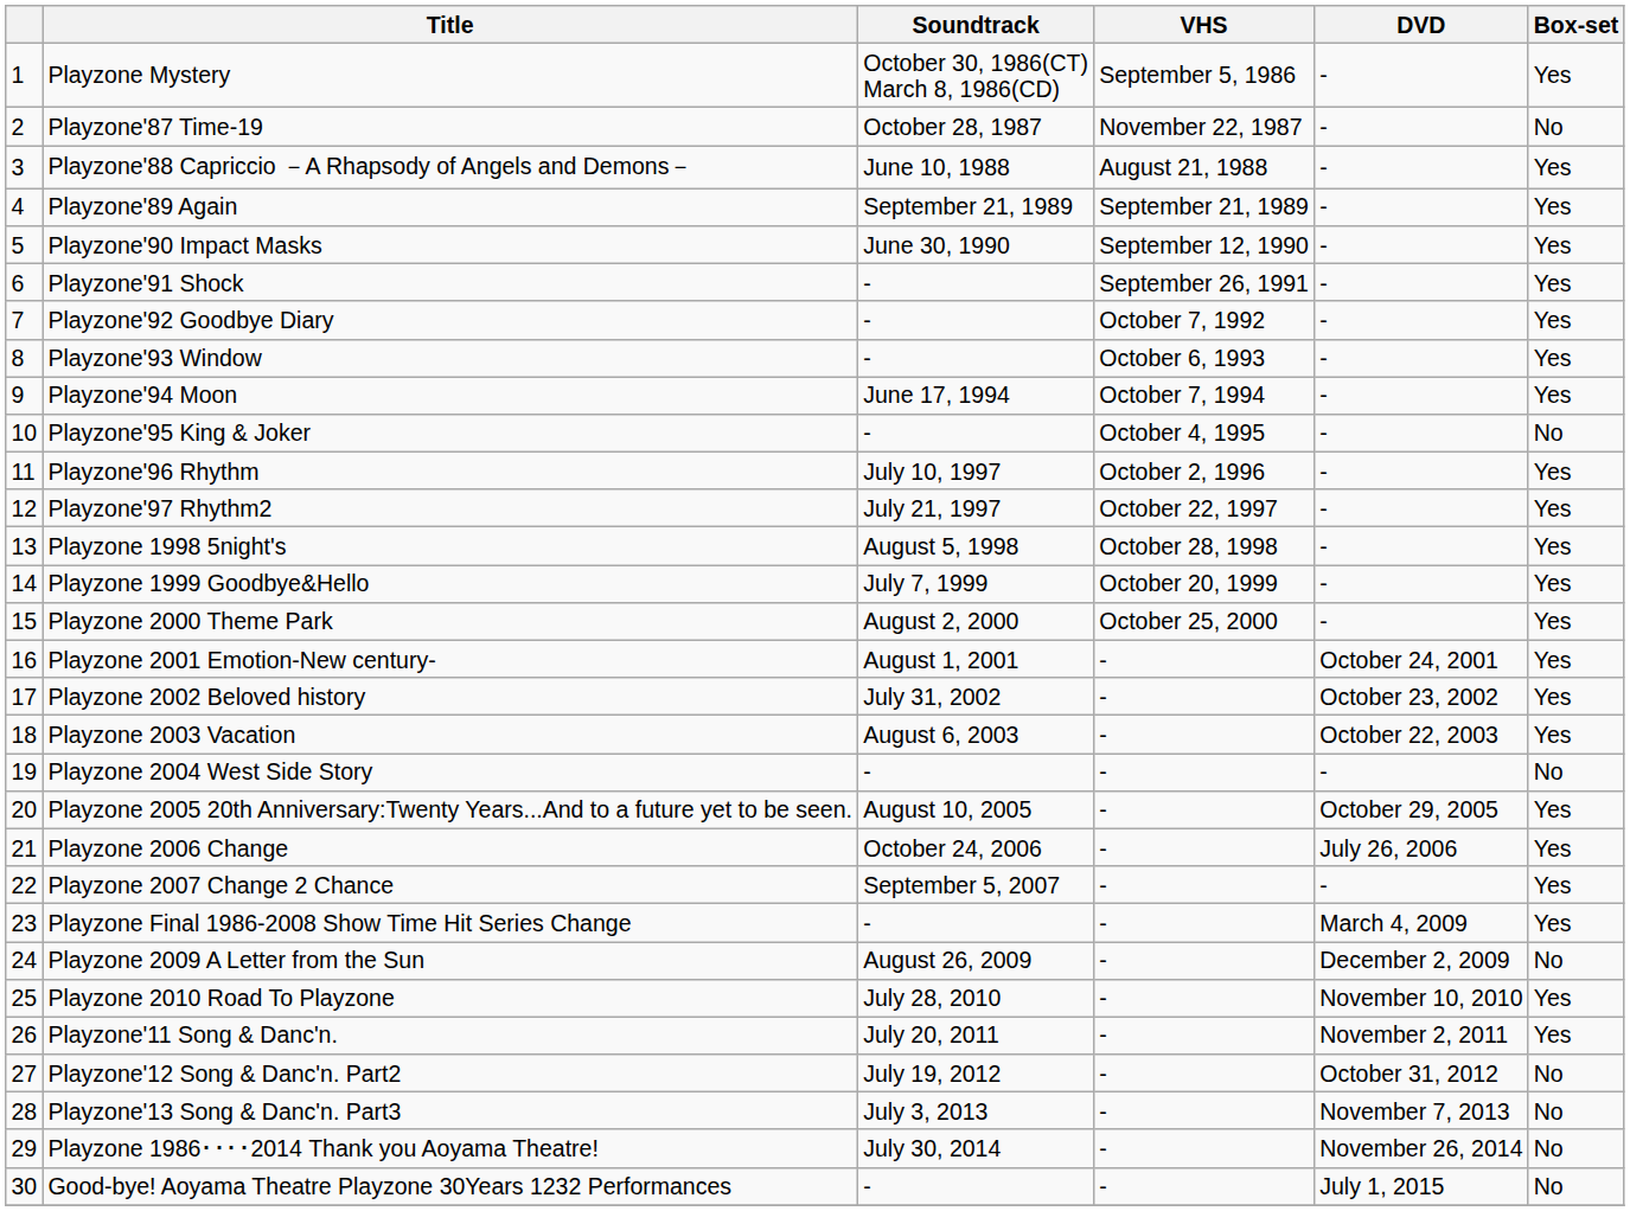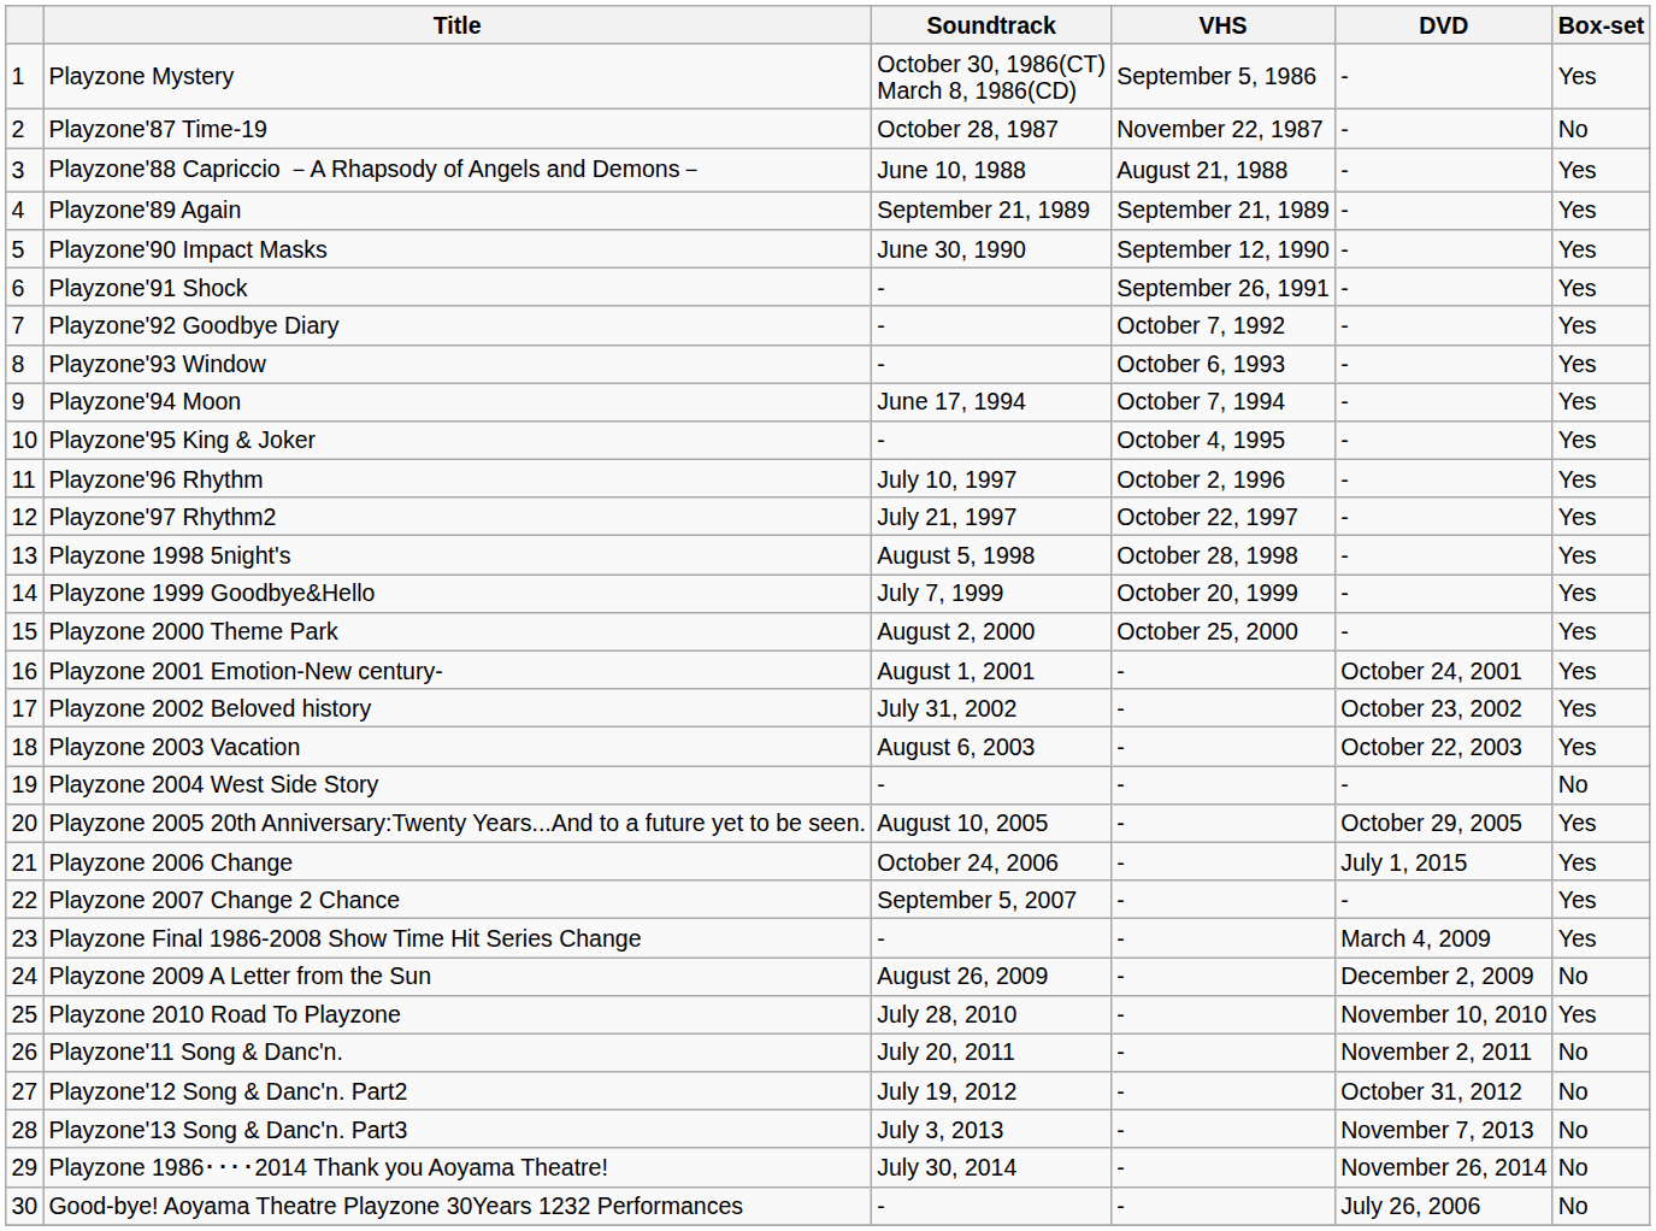 <table class="wikitable" style="font-size:small; textalign:center; white-space:nowrap;"|>
 <tr>
 <th></th>
 <th>Title</th>
 <th>Soundtrack</th>
 <th>VHS</th>
 <th>DVD</th>
 <th>Box-set</th>
 </tr>
 <tr>
 <td>1</td>
 <td>Playzone Mystery</td>
 <td>October 30, 1986(CT)<br>March 8, 1986(CD)</td>
 <td>September 5, 1986</td>
 <td>-</td>
 <td>Yes</td>
 </tr>
 <tr>
 <td>2</td>
 <td>Playzone'87 Time-19</td>
 <td>October 28, 1987</td>
 <td>November 22, 1987</td>
 <td>-</td>
 <td>No</td>
 </tr>
 <tr>
 <td>3</td>
 <td>Playzone'88 Capriccio －A Rhapsody of Angels and Demons－</td>
 <td>June 10, 1988</td>
 <td>August 21, 1988</td>
 <td>-</td>
 <td>Yes</td>
 </tr>
 <tr>
 <td>4</td>
 <td>Playzone'89 Again</td>
 <td>September 21, 1989</td>
 <td>September 21, 1989</td>
 <td>-</td>
 <td>Yes</td>
 </tr>
 <tr>
 <td>5</td>
 <td>Playzone'90 Impact Masks</td>
 <td>June 30, 1990</td>
 <td>September 12, 1990</td>
 <td>-</td>
 <td>Yes</td>
 </tr>
 <tr>
 <td>6</td>
 <td>Playzone'91 Shock</td>
 <td>-</td>
 <td>September 26, 1991</td>
 <td>-</td>
 <td>Yes</td>
 </tr>
 <tr>
 <td>7</td>
 <td>Playzone'92 Goodbye Diary</td>
 <td>-</td>
 <td>October 7, 1992</td>
 <td>-</td>
 <td>Yes</td>
 </tr>
 <tr>
 <td>8</td>
 <td>Playzone'93 Window</td>
 <td>-</td>
 <td>October 6, 1993</td>
 <td>-</td>
 <td>Yes</td>
 </tr>
 <tr>
 <td>9</td>
 <td>Playzone'94 Moon</td>
 <td>June 17, 1994</td>
 <td>October 7, 1994</td>
 <td>-</td>
 <td>Yes</td>
 </tr>
 <tr>
 <td>10</td>
 <td>Playzone'95 King & Joker</td>
 <td>-</td>
 <td>October 4, 1995</td>
 <td>-</td>
-<td>No</td>
+<td>Yes</td>
 </tr>
 <tr>
 <td>11</td>
 <td>Playzone'96 Rhythm</td>
 <td>July 10, 1997</td>
 <td>October 2, 1996</td>
 <td>-</td>
 <td>Yes</td>
 </tr>
 <tr>
 <td>12</td>
 <td>Playzone'97 Rhythm2</td>
 <td>July 21, 1997</td>
 <td>October 22, 1997</td>
 <td>-</td>
 <td>Yes</td>
 </tr>
 <tr>
 <td>13</td>
 <td>Playzone 1998 5night's</td>
 <td>August 5, 1998</td>
 <td>October 28, 1998</td>
 <td>-</td>
 <td>Yes</td>
 </tr>
 <tr>
 <td>14</td>
 <td>Playzone 1999 Goodbye&Hello</td>
 <td>July 7, 1999</td>
 <td>October 20, 1999</td>
 <td>-</td>
 <td>Yes</td>
 </tr>
 <tr>
 <td>15</td>
 <td>Playzone 2000 Theme Park</td>
 <td>August 2, 2000</td>
 <td>October 25, 2000</td>
 <td>-</td>
 <td>Yes</td>
 </tr>
 <tr>
 <td>16</td>
 <td>Playzone 2001 Emotion-New century-</td>
 <td>August 1, 2001</td>
 <td>-</td>
 <td>October 24, 2001</td>
 <td>Yes</td>
 </tr>
 <tr>
 <td>17</td>
 <td>Playzone 2002 Beloved history</td>
 <td>July 31, 2002</td>
 <td>-</td>
 <td>October 23, 2002</td>
 <td>Yes</td>
 </tr>
 <tr>
 <td>18</td>
 <td>Playzone 2003 Vacation</td>
 <td>August 6, 2003</td>
 <td>-</td>
 <td>October 22, 2003</td>
 <td>Yes</td>
 </tr>
 <tr>
 <td>19</td>
 <td>Playzone 2004 West Side Story</td>
 <td>-</td>
 <td>-</td>
 <td>-</td>
 <td>No</td>
 </tr>
 <tr>
 <td>20</td>
 <td>Playzone 2005 20th Anniversary:Twenty Years...And to a future yet to be seen.</td>
 <td>August 10, 2005</td>
 <td>-</td>
 <td>October 29, 2005</td>
 <td>Yes</td>
 </tr>
 <tr>
 <td>21</td>
 <td>Playzone 2006 Change</td>
 <td>October 24, 2006</td>
 <td>-</td>
-<td>July 26, 2006</td>
+<td>July 1, 2015</td>
 <td>Yes</td>
 </tr>
 <tr>
 <td>22</td>
 <td>Playzone 2007 Change 2 Chance</td>
 <td>September 5, 2007</td>
 <td>-</td>
 <td>-</td>
 <td>Yes</td>
 </tr>
 <tr>
 <td>23</td>
 <td>Playzone Final 1986-2008 Show Time Hit Series Change</td>
 <td>-</td>
 <td>-</td>
 <td>March 4, 2009</td>
 <td>Yes</td>
 </tr>
 <tr>
 <td>24</td>
 <td>Playzone 2009 A Letter from the Sun</td>
 <td>August 26, 2009</td>
 <td>-</td>
 <td>December 2, 2009</td>
 <td>No</td>
 </tr>
 <tr>
 <td>25</td>
 <td>Playzone 2010 Road To Playzone</td>
 <td>July 28, 2010</td>
 <td>-</td>
 <td>November 10, 2010</td>
 <td>Yes</td>
 </tr>
 <tr>
 <td>26</td>
 <td>Playzone'11 Song & Danc'n.</td>
 <td>July 20, 2011</td>
 <td>-</td>
 <td>November 2, 2011</td>
-<td>Yes</td>
+<td>No</td>
 </tr>
 <tr>
 <td>27</td>
 <td>Playzone'12 Song & Danc'n. Part2</td>
 <td>July 19, 2012</td>
 <td>-</td>
 <td>October 31, 2012</td>
 <td>No</td>
 </tr>
 <tr>
 <td>28</td>
 <td>Playzone'13 Song & Danc'n. Part3</td>
 <td>July 3, 2013</td>
 <td>-</td>
 <td>November 7, 2013</td>
 <td>No</td>
 </tr>
 <tr>
 <td>29</td>
 <td>Playzone 1986････2014 Thank you Aoyama Theatre!</td>
 <td>July 30, 2014</td>
 <td>-</td>
 <td>November 26, 2014</td>
 <td>No</td>
 </tr>
 <tr>
 <td>30</td>
 <td>Good-bye! Aoyama Theatre  Playzone 30Years 1232 Performances</td>
 <td>-</td>
 <td>-</td>
-<td>July 1, 2015</td>
+<td>July 26, 2006</td>
 <td>No</td>
 </tr>
 <tr>
 </tr>
 </table>
